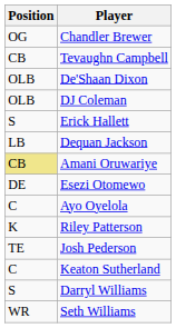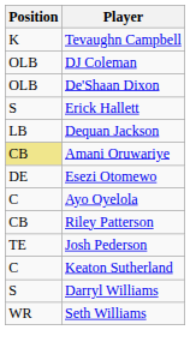 <table class="wikitable">
 <tr>
 <th>Position</th>
 <th>Player</th>
 </tr>
 <tr>
-<td>OG</td>
-<td><a href='#'>Chandler Brewer</a></td>
-</tr>
-<tr>
-<td>CB</td>
+<td>K</td>
 <td><a href='#'>Tevaughn Campbell</a></td>
 </tr>
 <tr>
 <td>OLB</td>
-<td><a href='#'>De'Shaan Dixon</a></td>
+<td><a href='#'>DJ Coleman</a></td>
 </tr>
 <tr>
 <td>OLB</td>
-<td><a href='#'>DJ Coleman</a></td>
+<td><a href='#'>De'Shaan Dixon</a></td>
 </tr>
 <tr>
 <td>S</td>
 <td><a href='#'>Erick Hallett</a></td>
 </tr>
 <tr>
 <td>LB</td>
 <td><a href='#'>Dequan Jackson</a></td>
 </tr>
 <tr>
 <td style="background: khaki;">CB</td>
 <td><a href='#'>Amani Oruwariye</a></td>
 </tr>
 <tr>
 <td>DE</td>
 <td><a href='#'>Esezi Otomewo</a></td>
 </tr>
 <tr>
 <td>C</td>
 <td><a href='#'>Ayo Oyelola</a></td>
 </tr>
 <tr>
-<td>K</td>
+<td>CB</td>
 <td><a href='#'>Riley Patterson</a></td>
 </tr>
 <tr>
 <td>TE</td>
 <td><a href='#'>Josh Pederson</a></td>
 </tr>
 <tr>
 <td>C</td>
 <td><a href='#'>Keaton Sutherland</a></td>
 </tr>
 <tr>
 <td>S</td>
 <td><a href='#'>Darryl Williams</a></td>
 </tr>
 <tr>
 <td>WR</td>
 <td><a href='#'>Seth Williams</a></td>
 </tr>
 </table>
